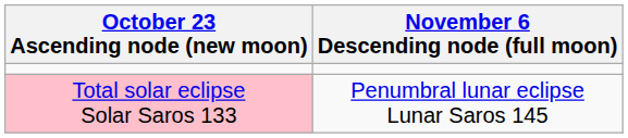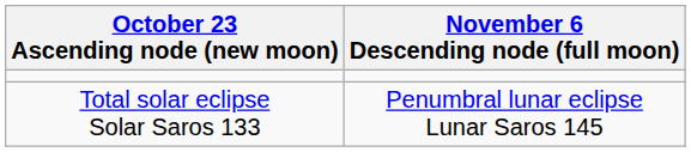 <table class="wikitable">
 <tr>
 <th><a href='#'>October 23</a><br>Ascending node (new moon)<br></th>
 <th><a href='#'>November 6</a><br>Descending node (full moon)<br></th>
 </tr>
 <tr>
 <td></td>
 <td></td>
 </tr>
 <tr align=center>
-<td style="background: pink;"><a href='#'>Total solar eclipse</a><br>Solar Saros 133</td>
+<td><a href='#'>Total solar eclipse</a><br>Solar Saros 133</td>
 <td><a href='#'>Penumbral lunar eclipse</a><br>Lunar Saros 145</td>
 </tr>
 </table>
